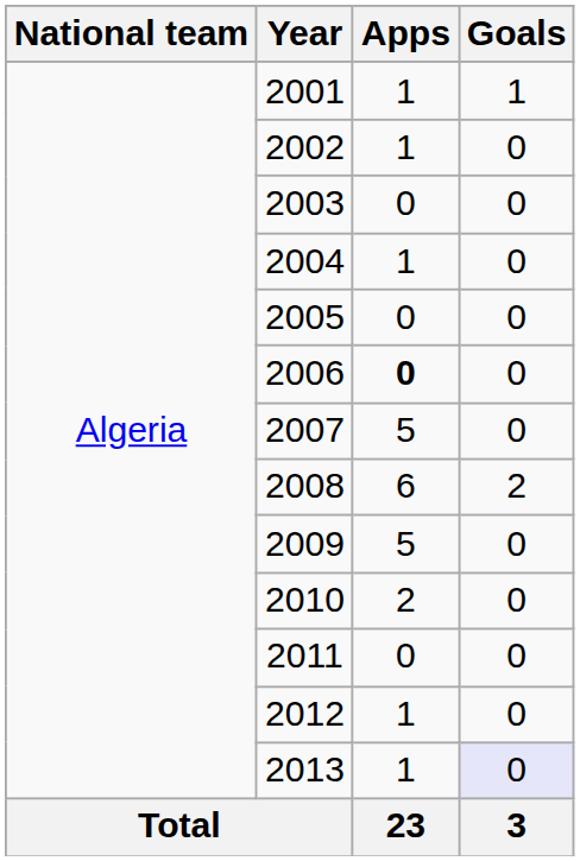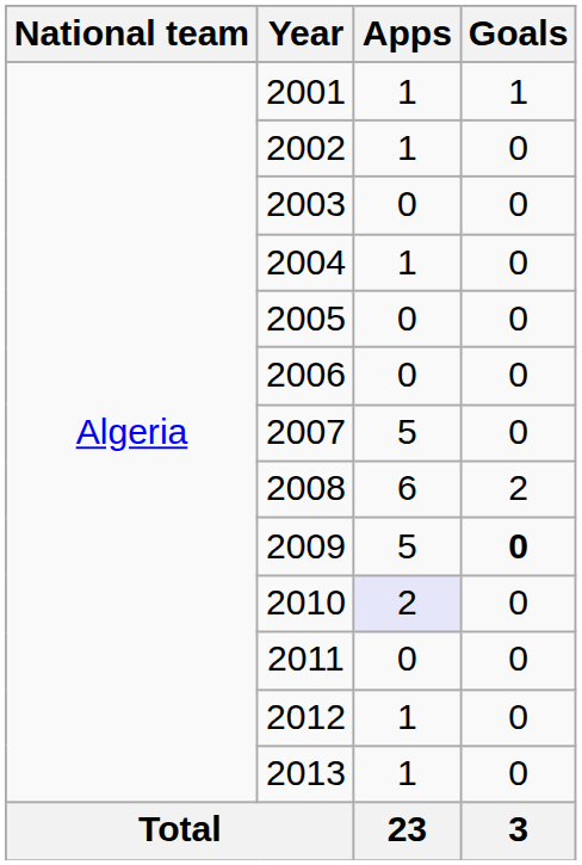 <table class="wikitable" style="text-align:center">
 <tr>
 <th>National team</th>
 <th>Year</th>
 <th>Apps</th>
 <th>Goals</th>
 </tr>
 <tr>
 <td rowspan="13"><a href='#'>Algeria</a></td>
 <td>2001</td>
 <td>1</td>
 <td>1</td>
 </tr>
 <tr>
 <td>2002</td>
 <td>1</td>
 <td>0</td>
 </tr>
 <tr>
 <td>2003</td>
 <td>0</td>
 <td>0</td>
 </tr>
 <tr>
 <td>2004</td>
 <td>1</td>
 <td>0</td>
 </tr>
 <tr>
 <td>2005</td>
 <td>0</td>
 <td>0</td>
 </tr>
 <tr>
 <td>2006</td>
-<td><strong>0</strong></td>
+<td>0</td>
 <td>0</td>
 </tr>
 <tr>
 <td>2007</td>
 <td>5</td>
 <td>0</td>
 </tr>
 <tr>
 <td>2008</td>
 <td>6</td>
 <td>2</td>
 </tr>
 <tr>
 <td>2009</td>
 <td>5</td>
-<td>0</td>
+<td><strong>0</strong></td>
 </tr>
 <tr>
 <td>2010</td>
-<td>2</td>
+<td style="background: lavender;">2</td>
 <td>0</td>
 </tr>
 <tr>
 <td>2011</td>
 <td>0</td>
 <td>0</td>
 </tr>
 <tr>
 <td>2012</td>
 <td>1</td>
 <td>0</td>
 </tr>
 <tr>
 <td>2013</td>
 <td>1</td>
-<td style="background: lavender;">0</td>
+<td>0</td>
 </tr>
 <tr>
 <th colspan="2">Total</th>
 <th>23</th>
 <th>3</th>
 </tr>
 </table>
